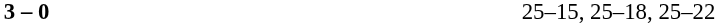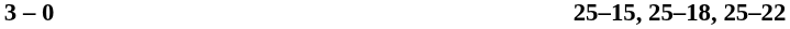 <table width=100% cellspacing=1>
 <tr>
 <th width=20%></th>
 <th width=12%></th>
 <th width=20%></th>
 <th width=33%></th>
 <td></td>
 </tr>
 <tr style=font-size:95%>
 <td align=right><strong></strong></td>
 <td align=center><strong>3 – 0</strong></td>
 <td></td>
-<td>25–15, 25–18, 25–22</td>
+<td><strong>25–15, 25–18, 25–22</strong></td>
 </tr>
 </table>
